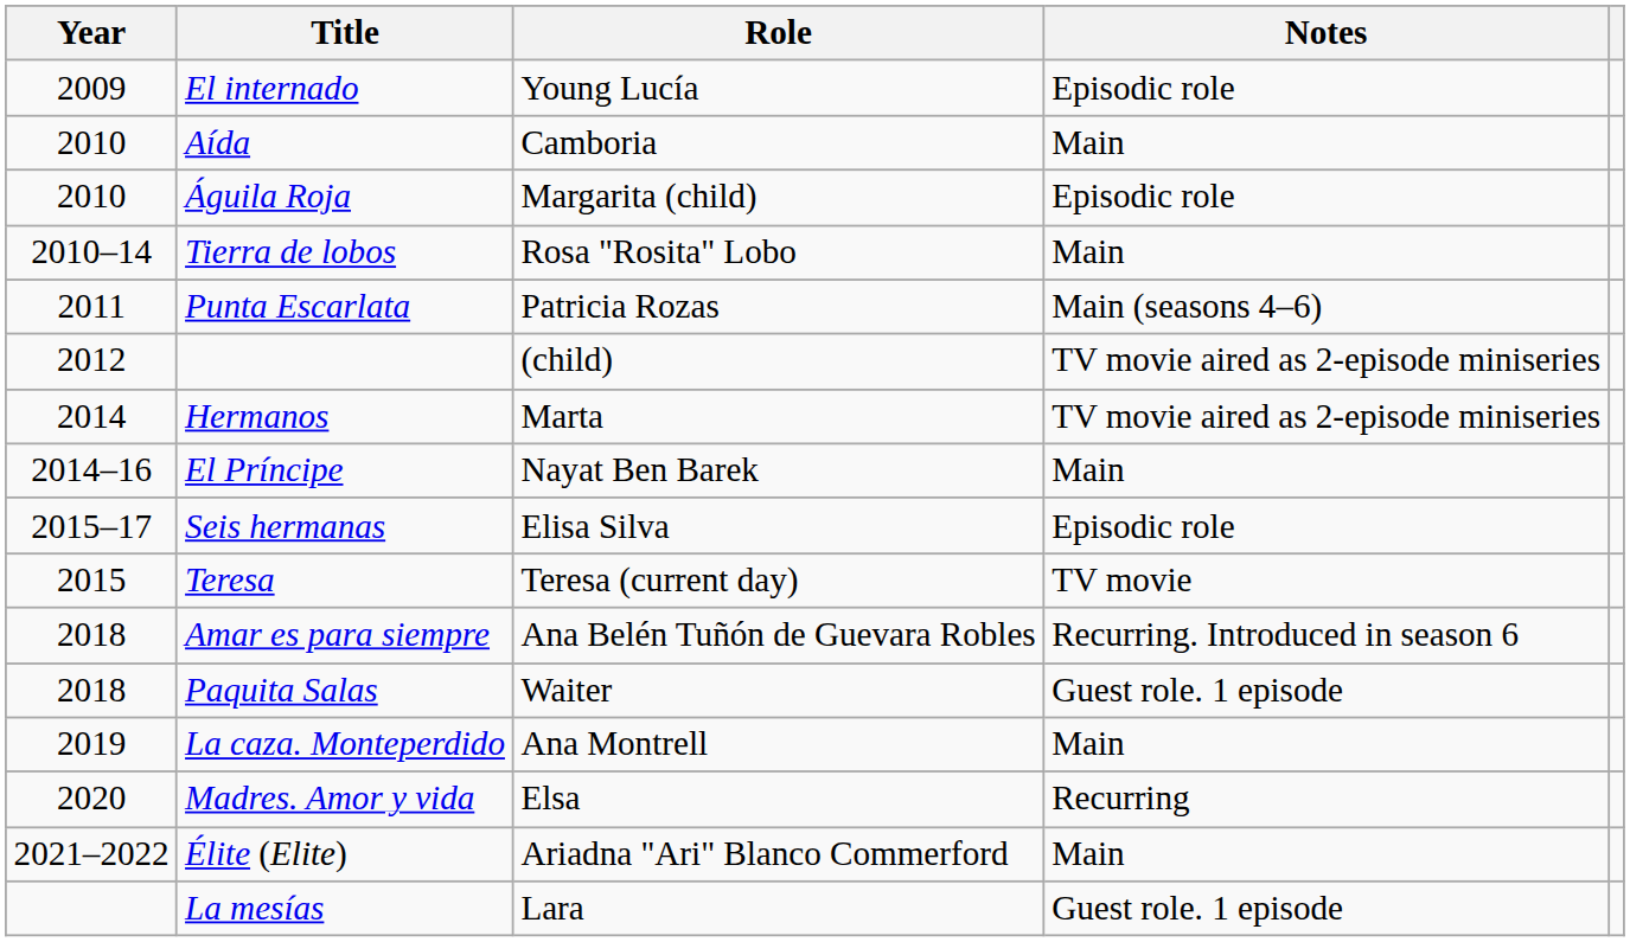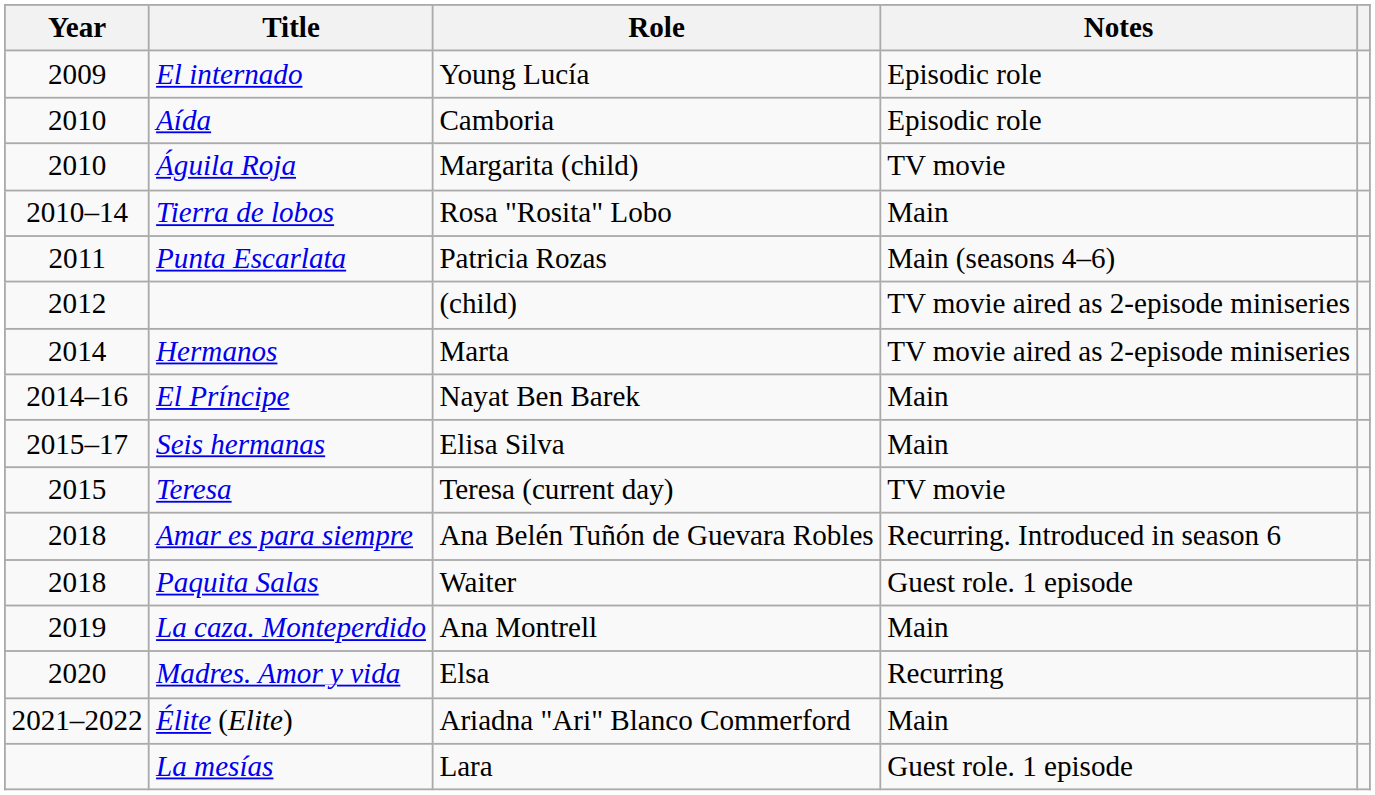 <table class="wikitable sortable">
 <tr>
 <th>Year</th>
 <th>Title</th>
 <th>Role</th>
 <th class="unsortable">Notes</th>
 <th></th>
 </tr>
 <tr>
 <td align="center">2009</td>
 <td><a href='#'><em>El internado</em></a></td>
 <td>Young Lucía</td>
 <td>Episodic role</td>
 <td align = "center"></td>
 </tr>
 <tr>
 <td align = "center">2010</td>
 <td><em><a href='#'>Aída</a></em></td>
 <td>Camboria</td>
-<td>Main</td>
+<td>Episodic role</td>
 <td align = "center"></td>
 </tr>
 <tr>
 <td align = "center">2010</td>
 <td><em><a href='#'>Águila Roja</a></em></td>
 <td>Margarita (child)</td>
-<td>Episodic role</td>
+<td>TV movie</td>
 <td align = "center"></td>
 </tr>
 <tr>
 <td align = "center">2010–14</td>
 <td><em><a href='#'>Tierra de lobos</a></em></td>
 <td>Rosa "Rosita" Lobo</td>
 <td>Main</td>
 <td align = "center"></td>
 </tr>
 <tr>
 <td align = "center">2011</td>
 <td><em><a href='#'>Punta Escarlata</a></em></td>
 <td>Patricia Rozas</td>
 <td>Main (seasons 4–6)</td>
 <td align = "center"></td>
 </tr>
 <tr>
 <td align = "center">2012</td>
 <td><em></em></td>
 <td> (child)</td>
 <td>TV movie aired as 2-episode miniseries</td>
 <td align = "center"></td>
 </tr>
 <tr>
 <td align = "center">2014</td>
 <td><a href='#'><em>Hermanos</em></a></td>
 <td>Marta</td>
 <td>TV movie aired as 2-episode miniseries</td>
 <td align = "center"></td>
 </tr>
 <tr>
 <td align = "center">2014–16</td>
 <td><em><a href='#'>El Príncipe</a></em></td>
 <td>Nayat Ben Barek</td>
 <td>Main</td>
 <td align = "center"></td>
 </tr>
 <tr>
 <td align = "center">2015–17</td>
 <td><em><a href='#'>Seis hermanas</a></em></td>
 <td>Elisa Silva</td>
-<td>Episodic role</td>
+<td>Main</td>
 <td align = "center"></td>
 </tr>
 <tr>
 <td align = "center">2015</td>
 <td><em><a href='#'>Teresa</a></em></td>
 <td>Teresa (current day)</td>
 <td>TV movie</td>
 <td align = "center"></td>
 </tr>
 <tr>
 <td align = "center">2018</td>
 <td><em><a href='#'>Amar es para siempre</a></em></td>
 <td>Ana Belén Tuñón de Guevara Robles</td>
 <td>Recurring. Introduced in season 6</td>
 <td align = "center"></td>
 </tr>
 <tr>
 <td align = "center">2018</td>
 <td><em><a href='#'>Paquita Salas</a></em></td>
 <td>Waiter</td>
 <td>Guest role. 1 episode</td>
 <td align = "center"></td>
 </tr>
 <tr>
 <td align = "center">2019</td>
 <td><em><a href='#'>La caza. Monteperdido</a></em></td>
 <td>Ana Montrell</td>
 <td>Main</td>
 <td align = "center"></td>
 </tr>
 <tr>
 <td align = "center">2020</td>
 <td><em><a href='#'>Madres. Amor y vida</a></em></td>
 <td>Elsa</td>
 <td>Recurring</td>
 <td align = "center"></td>
 </tr>
 <tr>
 <td align = "center">2021–2022</td>
 <td><a href='#'><em>Élite</em></a> (<em>Elite</em>)</td>
 <td>Ariadna "Ari" Blanco Commerford</td>
 <td>Main</td>
 <td align = "center"></td>
 </tr>
 <tr>
 <td></td>
 <td><em><a href='#'>La mesías</a></em></td>
 <td>Lara</td>
 <td>Guest role. 1 episode</td>
 <td></td>
 </tr>
 </table>
